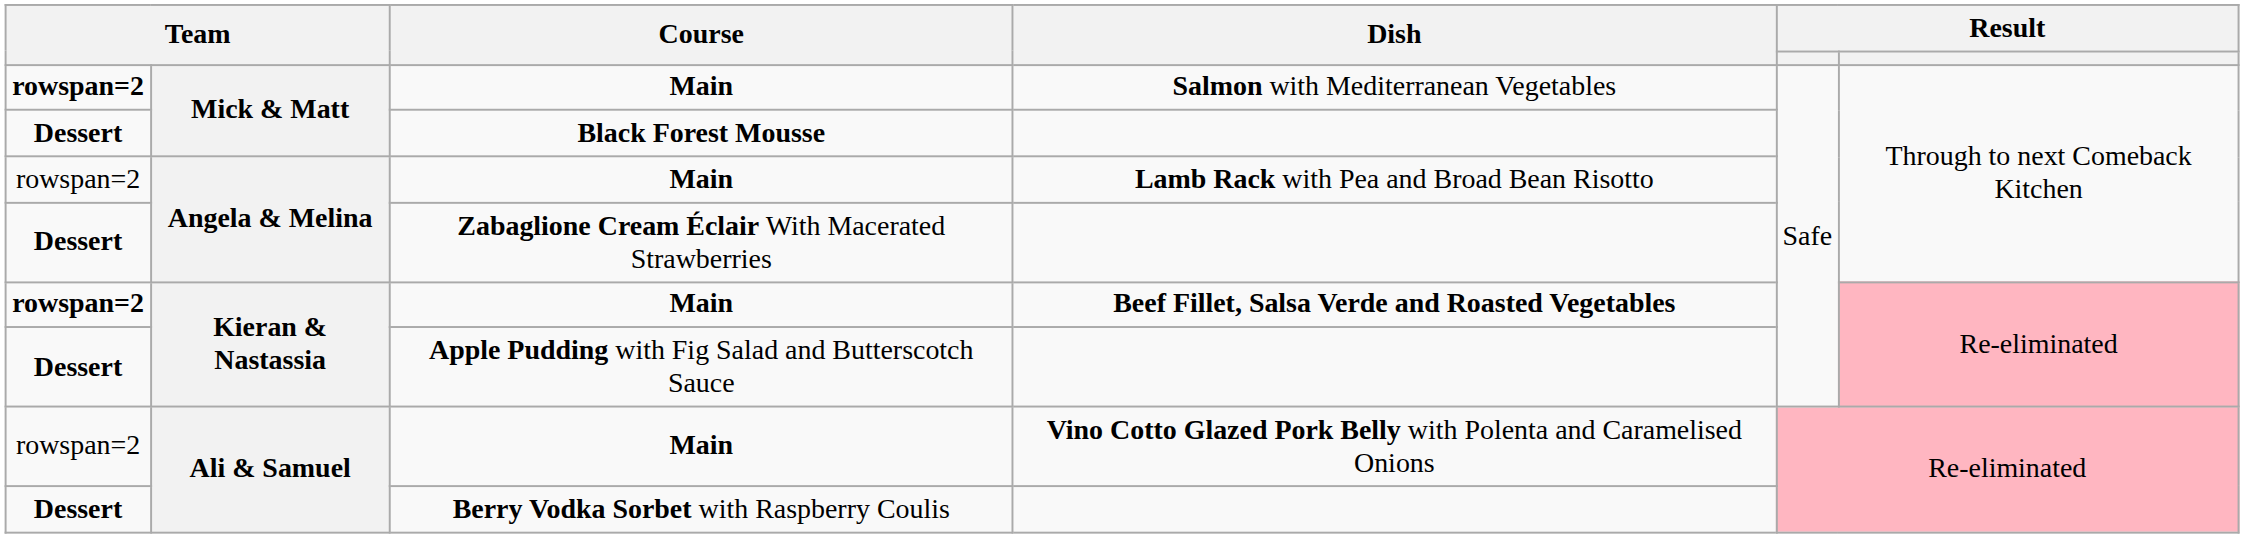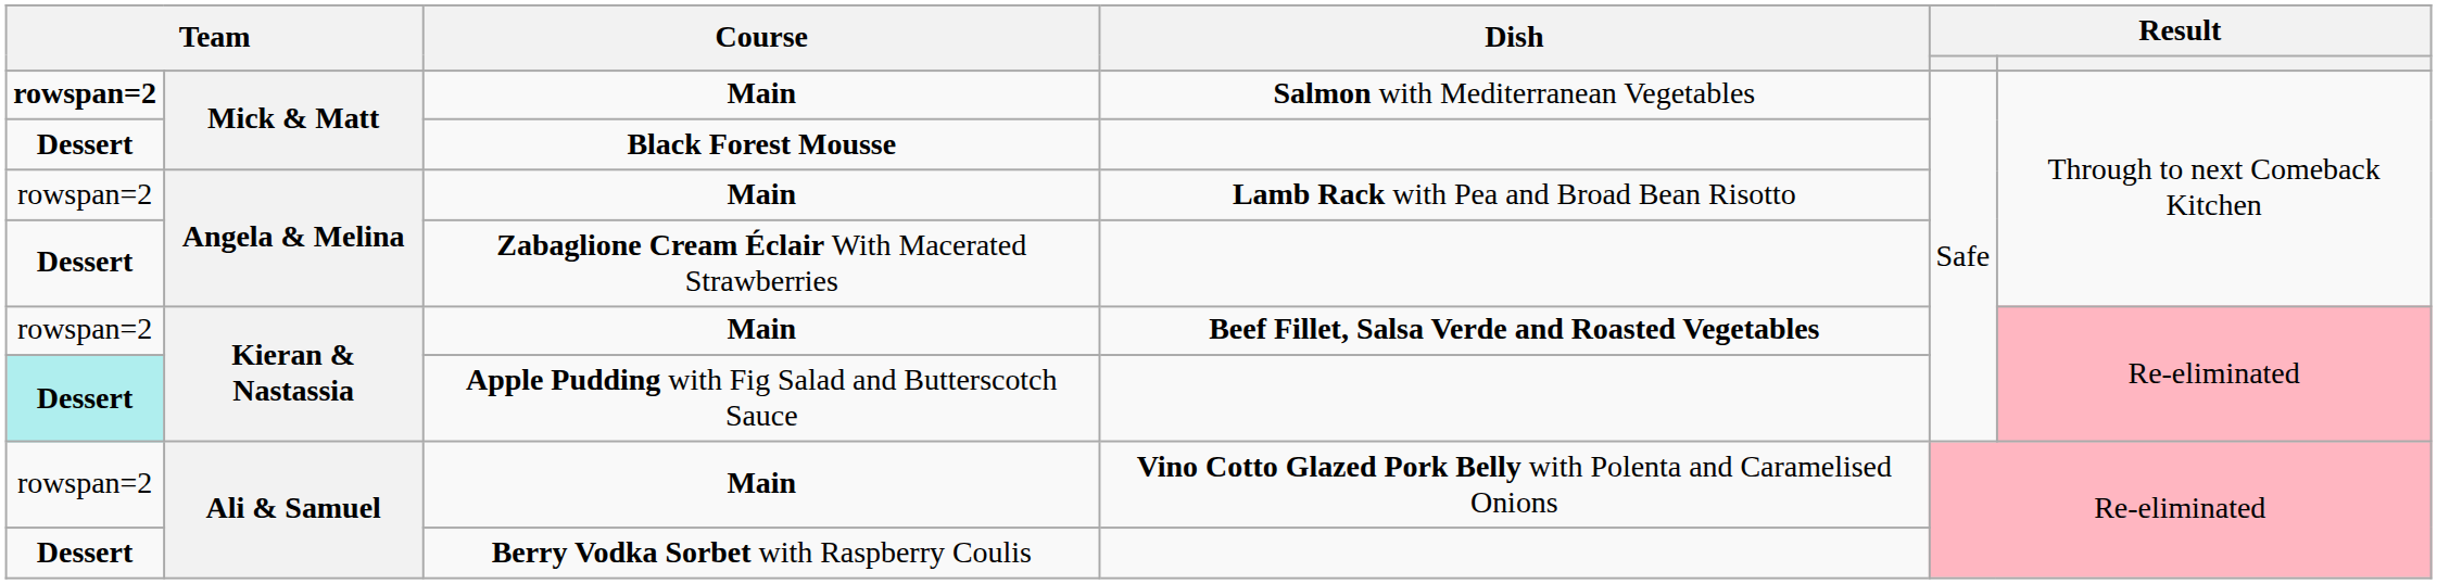 <table class="wikitable plainrowheaders" style="margin:1em auto; text-align:center; font-size:90%; width:80em;">
 <tr>
 <th rowspan="2" colspan="2">Team</th>
 <th rowspan=2>Course</th>
 <th rowspan="2">Dish</th>
 <th colspan="2">Result</th>
 </tr>
 <tr>
 <th></th>
 <th></th>
 </tr>
 <tr>
 <td><strong>rowspan=2 </strong></td>
 <th rowspan=2>Mick & Matt</th>
 <td><strong>Main</strong></td>
 <td><strong>Salmon</strong> with Mediterranean Vegetables</td>
 <td rowspan="6">Safe</td>
 <td rowspan="4">Through to next Comeback Kitchen</td>
 </tr>
 <tr>
 <td><strong>Dessert</strong></td>
 <td><strong>Black Forest Mousse</strong></td>
 </tr>
 <tr>
 <td>rowspan=2 </td>
 <th rowspan=2>Angela & Melina</th>
 <td><strong>Main</strong></td>
 <td><strong>Lamb Rack</strong> with Pea and Broad Bean Risotto</td>
 </tr>
 <tr>
 <td><strong>Dessert</strong></td>
 <td><strong>Zabaglione Cream Éclair</strong> With Macerated Strawberries</td>
 </tr>
 <tr>
-<td><strong>rowspan=2 </strong></td>
+<td>rowspan=2 </td>
 <th rowspan=2>Kieran & Nastassia</th>
 <td><strong>Main</strong></td>
 <td><strong>Beef Fillet, Salsa Verde and Roasted Vegetables</strong></td>
 <td rowspan=2 style="background:lightpink">Re-eliminated</td>
 </tr>
 <tr>
-<td><strong>Dessert</strong></td>
+<td style="background: paleturquoise;"><strong>Dessert</strong></td>
 <td><strong>Apple Pudding</strong> with Fig Salad and Butterscotch Sauce</td>
 </tr>
 <tr>
 <td>rowspan=2 </td>
 <th rowspan=2>Ali & Samuel</th>
 <td><strong>Main</strong></td>
 <td><strong>Vino Cotto Glazed Pork Belly</strong> with Polenta and Caramelised Onions</td>
 <td rowspan=2 colspan="2" style="background:lightpink">Re-eliminated</td>
 </tr>
 <tr>
 <td><strong>Dessert</strong></td>
 <td><strong>Berry Vodka Sorbet</strong> with Raspberry Coulis</td>
 </tr>
 </table>
